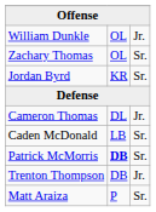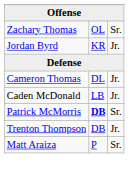 <table class="wikitable" style="display: inline-table;">
 <tr align="center">
 </tr>
 <tr align="center" style="background:#eee;font-weight:bold;">
 <td colspan="3">Offense</td>
-</tr>
-<tr>
-<td><a href='#'>William Dunkle</a></td>
-<td><a href='#'>OL</a></td>
-<td>Jr.</td>
 </tr>
 <tr>
 <td><a href='#'>Zachary Thomas</a></td>
 <td><a href='#'>OL</a></td>
 <td>Sr.</td>
 </tr>
 <tr>
 <td><a href='#'>Jordan Byrd</a></td>
 <td><a href='#'>KR</a></td>
-<td>Sr.</td>
+<td>Jr.</td>
 </tr>
 <tr align="center" style="background:#eee;font-weight:bold;">
 <td colspan="3">Defense</td>
 </tr>
 <tr>
 <td><a href='#'>Cameron Thomas</a></td>
 <td><a href='#'>DL</a></td>
 <td>Jr.</td>
 </tr>
 <tr>
 <td>Caden McDonald</td>
 <td><a href='#'>LB</a></td>
-<td>Sr.</td>
+<td>Jr.</td>
 </tr>
 <tr>
 <td><a href='#'>Patrick McMorris</a></td>
 <td><strong><a href='#'>DB</a></strong></td>
 <td>Sr.</td>
 </tr>
 <tr>
 <td><a href='#'>Trenton Thompson</a></td>
 <td><a href='#'>DB</a></td>
 <td>Jr.</td>
 </tr>
 <tr>
 <td><a href='#'>Matt Araiza</a></td>
 <td><a href='#'>P</a></td>
 <td>Sr.</td>
 </tr>
 </table>
